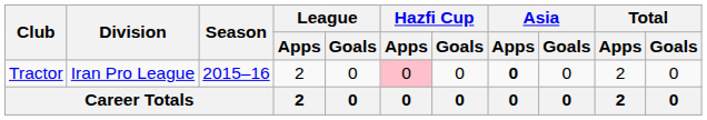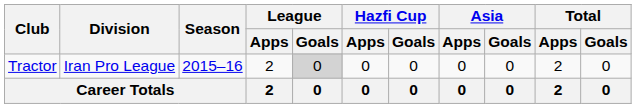 <table class="wikitable" style="text-align: center;">
 <tr>
 <th rowspan="2">Club</th>
 <th rowspan="2">Division</th>
 <th rowspan="2">Season</th>
 <th colspan="2">League</th>
 <th colspan="2"><a href='#'>Hazfi Cup</a></th>
 <th colspan="2"><a href='#'>Asia</a></th>
 <th colspan="2">Total</th>
 </tr>
 <tr>
 <th>Apps</th>
 <th>Goals</th>
 <th>Apps</th>
 <th>Goals</th>
 <th>Apps</th>
 <th>Goals</th>
 <th>Apps</th>
 <th>Goals</th>
 </tr>
 <tr>
 <td><a href='#'>Tractor</a></td>
 <td><a href='#'>Iran Pro League</a></td>
 <td><a href='#'>2015–16</a></td>
 <td>2</td>
+<td style="background: lightgrey;">0</td>
 <td>0</td>
-<td style="background: pink;">0</td>
 <td>0</td>
-<td><strong>0</strong></td>
+<td>0</td>
 <td>0</td>
 <td>2</td>
 <td>0</td>
 </tr>
 <tr>
 <th colspan=3>Career Totals</th>
 <th>2</th>
 <th>0</th>
 <th>0</th>
 <th>0</th>
 <th>0</th>
 <th>0</th>
 <th>2</th>
 <th>0</th>
 </tr>
 </table>
